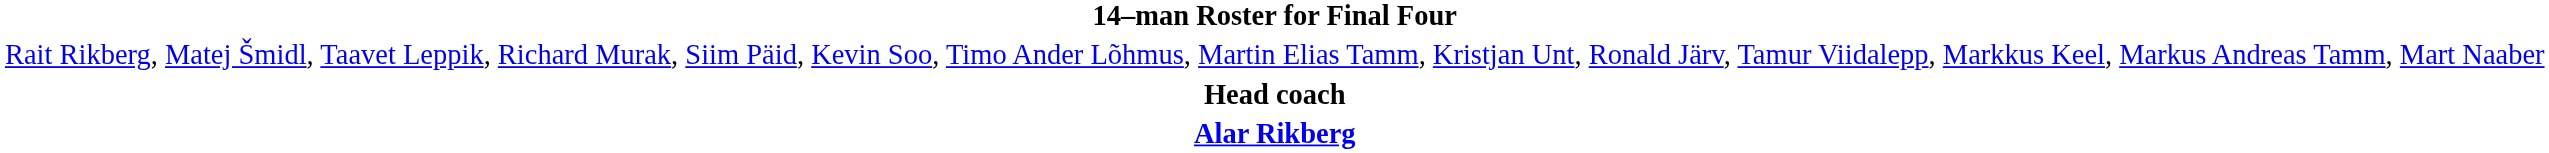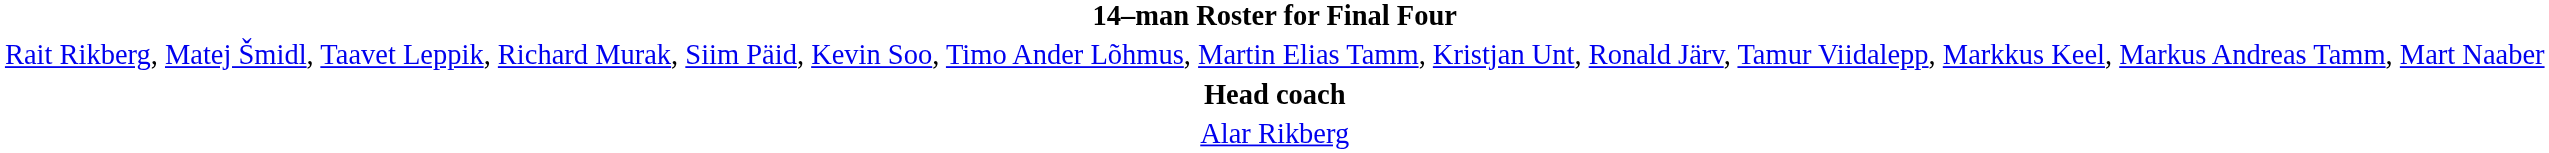 <table style="text-align: center; margin-top: 2em; margin-left: auto; margin-right: auto">
 <tr>
 <td><strong>14–man Roster for Final Four</strong></td>
 </tr>
 <tr>
 <td><a href='#'>Rait Rikberg</a>, <a href='#'>Matej Šmidl</a>, <a href='#'>Taavet Leppik</a>, <a href='#'>Richard Murak</a>, <a href='#'>Siim Päid</a>, <a href='#'>Kevin Soo</a>, <a href='#'>Timo Ander Lõhmus</a>, <a href='#'>Martin Elias Tamm</a>, <a href='#'>Kristjan Unt</a>, <a href='#'>Ronald Järv</a>, <a href='#'>Tamur Viidalepp</a>, <a href='#'>Markkus Keel</a>, <a href='#'>Markus Andreas Tamm</a>, <a href='#'>Mart Naaber</a></td>
 </tr>
 <tr>
 <td><strong>Head coach</strong></td>
 </tr>
 <tr>
-<td><strong><a href='#'>Alar Rikberg</a></strong></td>
+<td><a href='#'>Alar Rikberg</a></td>
 </tr>
 </table>
